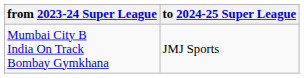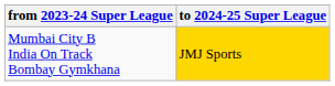 <table class="wikitable">
 <tr>
 <th> from <a href='#'>2023-24 Super League</a></th>
 <th> to <a href='#'>2024-25 Super League</a></th>
 </tr>
 <tr>
 <td><a href='#'>Mumbai City B</a><br><a href='#'>India On Track</a><br><a href='#'>Bombay Gymkhana</a></td>
-<td>JMJ Sports</td>
+<td style="background: gold;">JMJ Sports</td>
 </tr>
 </table>
